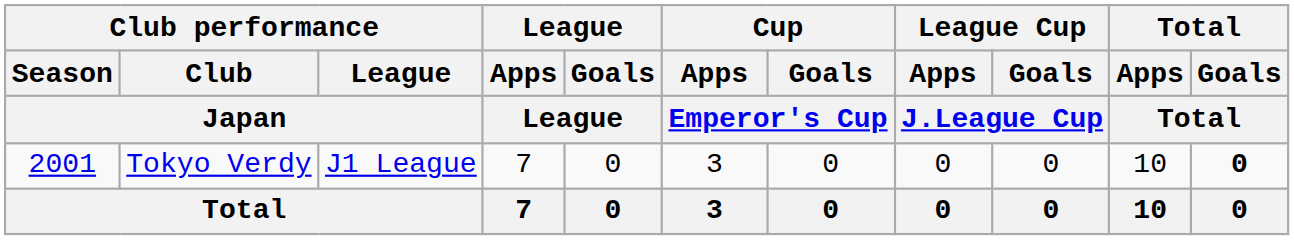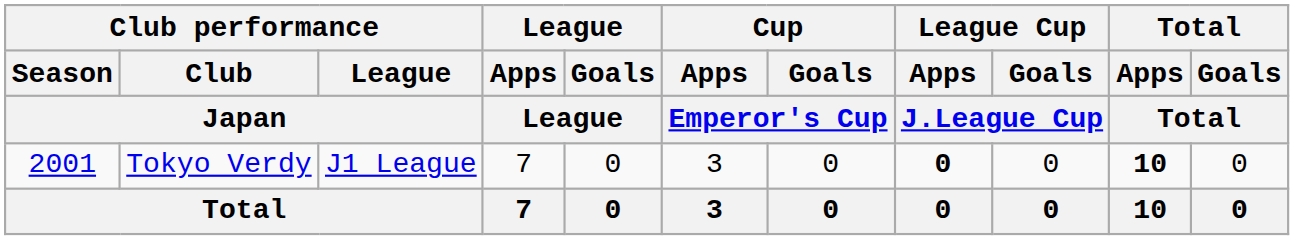 <table class="wikitable" style="text-align:center;">
 <tr>
 <th colspan=3>Club performance</th>
 <th colspan=2>League</th>
 <th colspan=2>Cup</th>
 <th colspan=2>League Cup</th>
 <th colspan=2>Total</th>
 </tr>
 <tr>
 <th>Season</th>
 <th>Club</th>
 <th>League</th>
 <th>Apps</th>
 <th>Goals</th>
 <th>Apps</th>
 <th>Goals</th>
 <th>Apps</th>
 <th>Goals</th>
 <th>Apps</th>
 <th>Goals</th>
 </tr>
 <tr>
 <th colspan=3>Japan</th>
 <th colspan=2>League</th>
 <th colspan=2><a href='#'>Emperor's Cup</a></th>
 <th colspan=2><a href='#'>J.League Cup</a></th>
 <th colspan=2>Total</th>
 </tr>
 <tr>
 <td><a href='#'>2001</a></td>
 <td><a href='#'>Tokyo Verdy</a></td>
 <td><a href='#'>J1 League</a></td>
 <td>7</td>
 <td>0</td>
 <td>3</td>
 <td>0</td>
+<td><strong>0</strong></td>
 <td>0</td>
+<td><strong>10</strong></td>
 <td>0</td>
-<td>10</td>
-<td><strong>0</strong></td>
 </tr>
 <tr>
 <th colspan=3>Total</th>
 <th>7</th>
 <th>0</th>
 <th>3</th>
 <th>0</th>
 <th>0</th>
 <th>0</th>
 <th>10</th>
 <th>0</th>
 </tr>
 </table>
